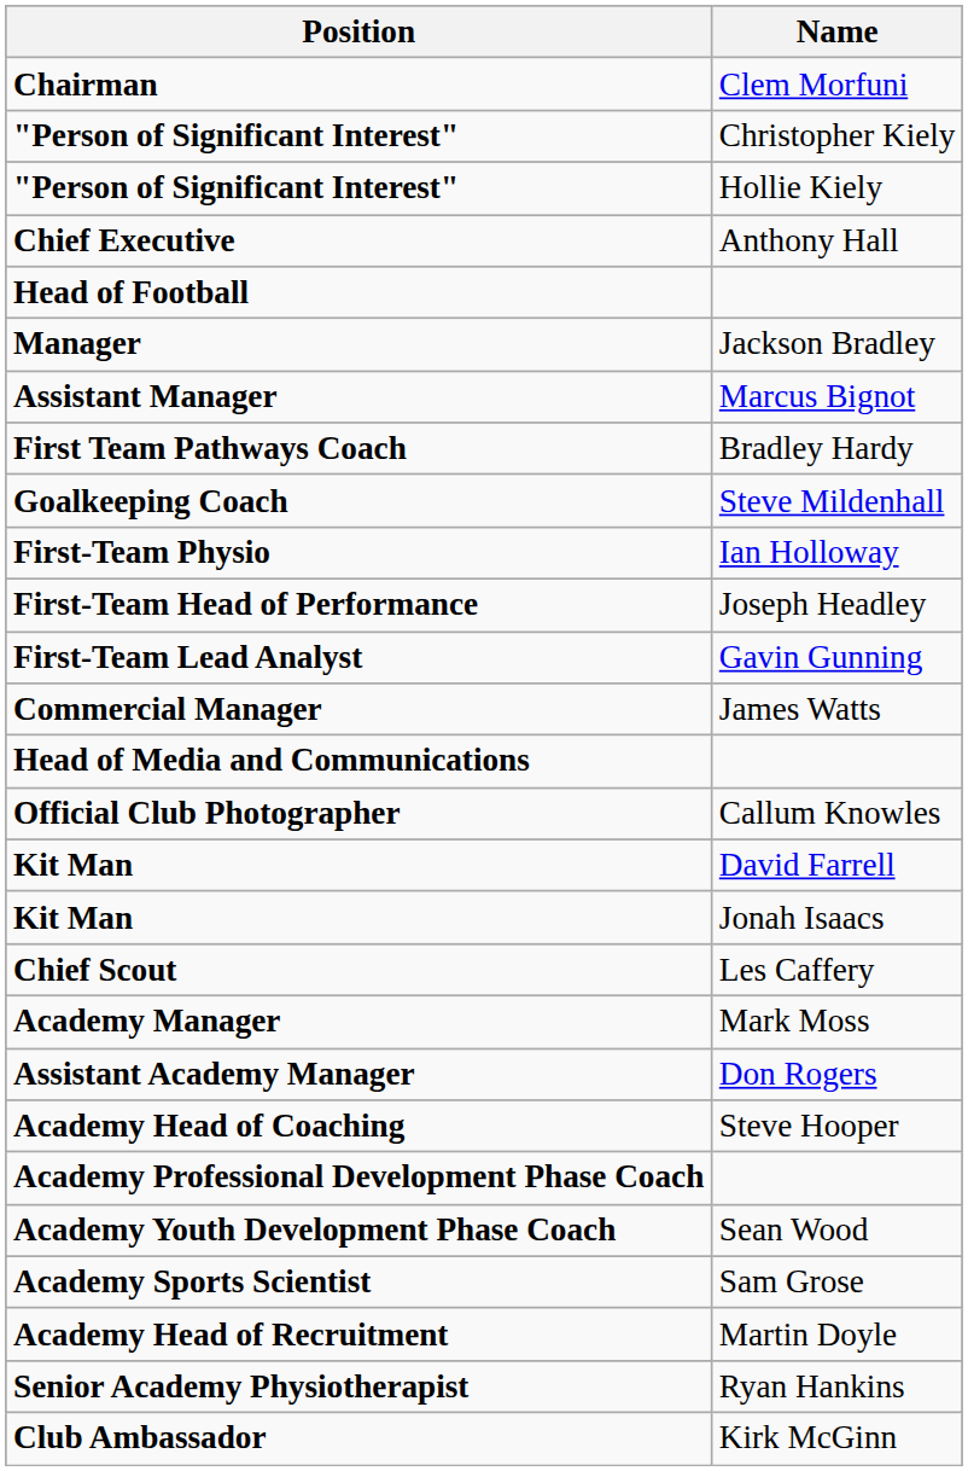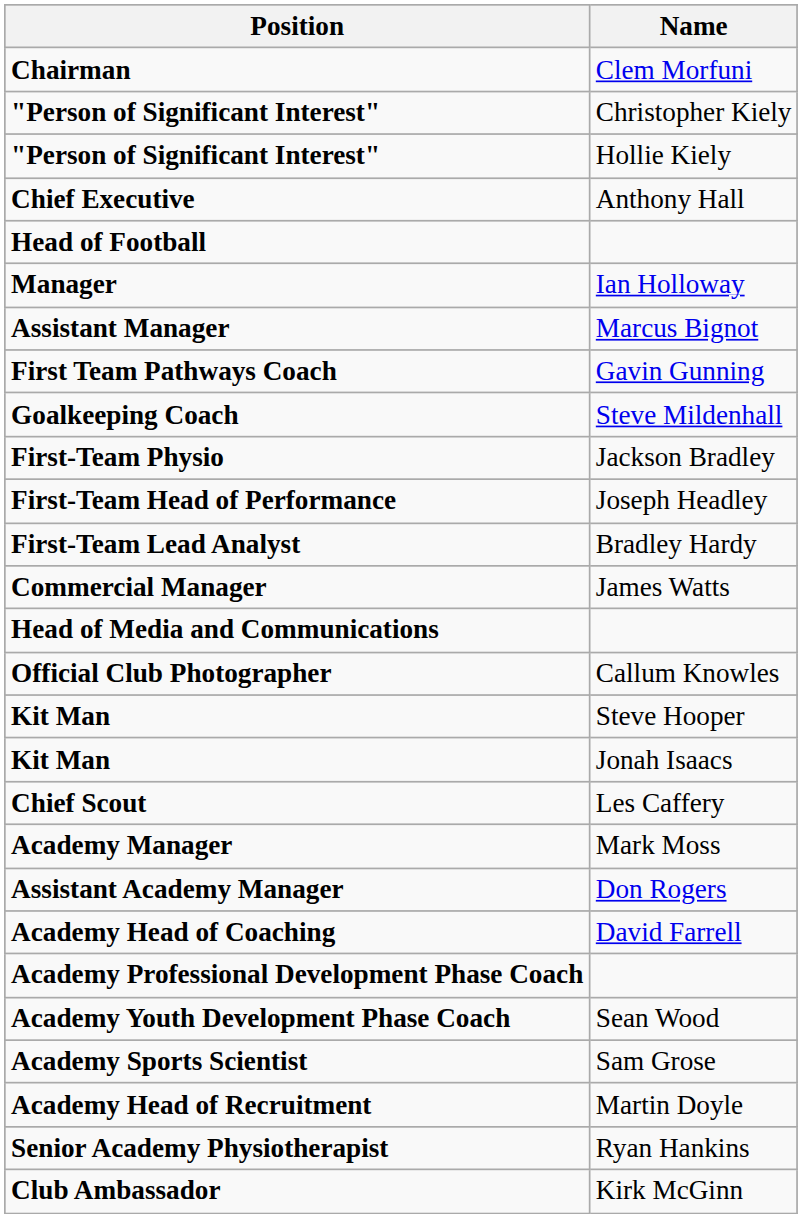 <table class="wikitable">
 <tr>
 <th>Position</th>
 <th>Name</th>
 </tr>
 <tr>
 <td align="left"><strong>Chairman</strong></td>
 <td align="left"> <a href='#'>Clem Morfuni</a></td>
 </tr>
 <tr>
 <td align="left"><strong>"Person of Significant Interest"</strong></td>
 <td align="left"> Christopher Kiely</td>
 </tr>
 <tr>
 <td align="left"><strong>"Person of Significant Interest"</strong></td>
 <td align="left"> Hollie Kiely</td>
 </tr>
 <tr>
 <td align="left"><strong>Chief Executive</strong></td>
 <td align="left"> Anthony Hall</td>
 </tr>
 <tr>
 <td><strong>Head of Football</strong></td>
 <td align="left"></td>
 </tr>
 <tr>
 <td align="left"><strong>Manager</strong></td>
-<td align="left"> Jackson Bradley</td>
+<td align="left"> <a href='#'>Ian Holloway</a></td>
 </tr>
 <tr>
 <td align="left"><strong>Assistant Manager</strong></td>
 <td align="left"> <a href='#'>Marcus Bignot</a></td>
 </tr>
 <tr>
 <td align="left"><strong>First Team Pathways Coach</strong></td>
-<td align="left"> Bradley Hardy</td>
+<td align="left"> <a href='#'>Gavin Gunning</a></td>
 </tr>
 <tr>
 <td align="left"><strong>Goalkeeping Coach</strong></td>
 <td align="left"> <a href='#'>Steve Mildenhall</a></td>
 </tr>
 <tr>
 <td align="left"><strong>First-Team Physio</strong></td>
-<td align="left"> <a href='#'>Ian Holloway</a></td>
+<td align="left"> Jackson Bradley</td>
 </tr>
 <tr>
 <td align="left"><strong>First-Team Head of Performance</strong></td>
 <td align="left"> Joseph Headley</td>
 </tr>
 <tr>
 <td align="left"><strong>First-Team Lead Analyst</strong></td>
-<td align="left"> <a href='#'>Gavin Gunning</a></td>
+<td align="left"> Bradley Hardy</td>
 </tr>
 <tr>
 <td><strong>Commercial Manager</strong></td>
 <td> James Watts</td>
 </tr>
 <tr>
 <td align="left"><strong>Head of Media and Communications</strong></td>
 <td align="left"></td>
 </tr>
 <tr>
 <td><strong>Official Club Photographer</strong></td>
 <td> Callum Knowles</td>
 </tr>
 <tr>
 <td align="left"><strong>Kit Man</strong></td>
-<td align="left"> <a href='#'>David Farrell</a></td>
+<td align="left"> Steve Hooper</td>
 </tr>
 <tr>
 <td><strong>Kit Man</strong></td>
 <td> Jonah Isaacs</td>
 </tr>
 <tr>
 <td align="left"><strong>Chief Scout </strong></td>
 <td align="left"> Les Caffery</td>
 </tr>
 <tr>
 <td><strong>Academy Manager</strong></td>
 <td align="left"> Mark Moss</td>
 </tr>
 <tr>
 <td><strong>Assistant Academy Manager</strong></td>
 <td align="left"> <a href='#'>Don Rogers</a></td>
 </tr>
 <tr>
 <td><strong>Academy Head of Coaching</strong></td>
-<td align="left"> Steve Hooper</td>
+<td align="left"> <a href='#'>David Farrell</a></td>
 </tr>
 <tr>
 <td align="left"><strong>Academy Professional Development Phase Coach</strong></td>
 <td align="left"></td>
 </tr>
 <tr>
 <td align="left"><strong>Academy Youth Development Phase</strong> <strong>Coach</strong></td>
 <td align="left"> Sean Wood</td>
 </tr>
 <tr>
 <td><strong>Academy Sports Scientist</strong></td>
 <td align="left"> Sam Grose</td>
 </tr>
 <tr>
 <td><strong>Academy Head of Recruitment</strong></td>
 <td align="left"> Martin Doyle</td>
 </tr>
 <tr>
 <td><strong>Senior Academy Physiotherapist</strong></td>
 <td align="left"> Ryan Hankins</td>
 </tr>
 <tr>
 <td><strong>Club Ambassador</strong></td>
 <td align="left"> Kirk McGinn</td>
 </tr>
 </table>
